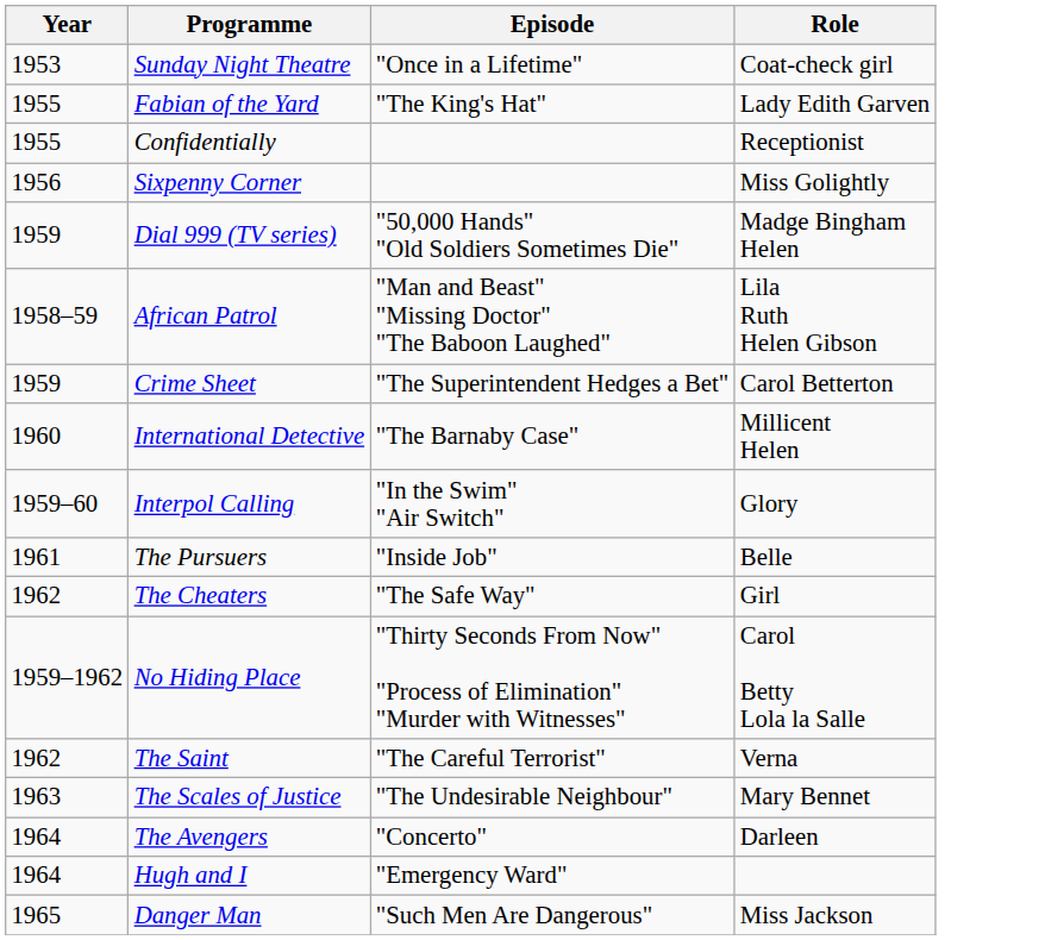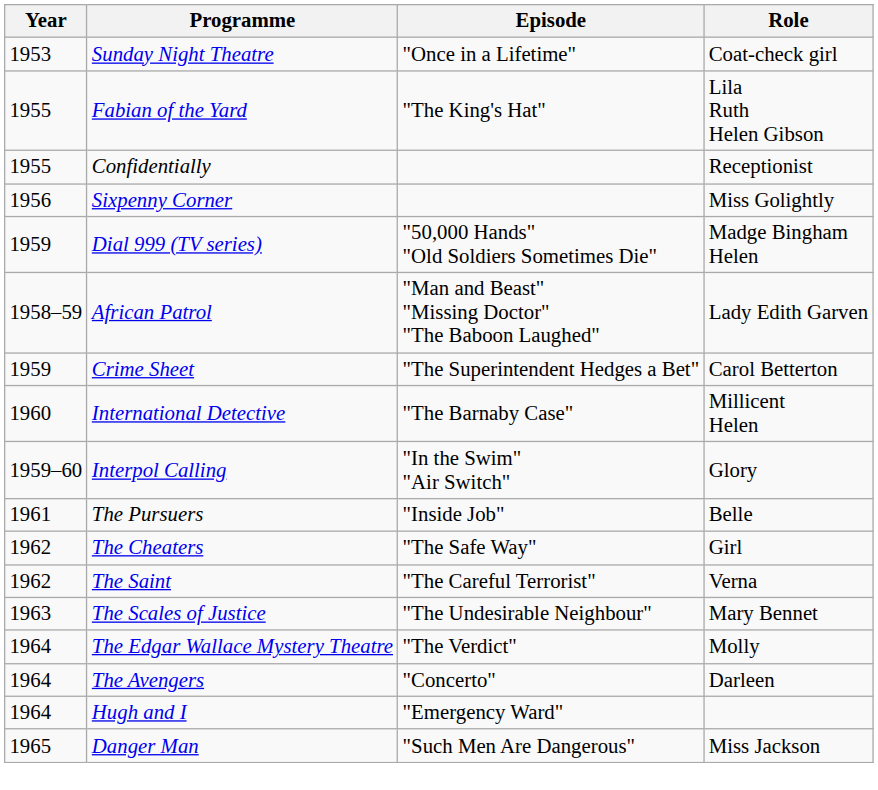 <table class="wikitable">
 <tr>
 <th>Year</th>
 <th>Programme</th>
 <th>Episode</th>
 <th>Role</th>
 </tr>
 <tr>
 <td>1953</td>
 <td><em><a href='#'>Sunday Night Theatre</a></em></td>
 <td>"Once in a Lifetime"</td>
 <td>Coat-check girl</td>
 </tr>
 <tr>
 <td>1955</td>
 <td><em><a href='#'>Fabian of the Yard</a></em></td>
 <td>"The King's Hat"</td>
-<td>Lady Edith Garven</td>
+<td>Lila<br>Ruth<br> Helen Gibson</td>
 </tr>
 <tr>
 <td>1955</td>
 <td><em>Confidentially</em></td>
 <td></td>
 <td>Receptionist</td>
 </tr>
 <tr>
 <td>1956</td>
 <td><em><a href='#'>Sixpenny Corner</a></em></td>
 <td></td>
 <td>Miss Golightly</td>
 </tr>
 <tr>
 <td>1959</td>
 <td><em><a href='#'>Dial 999 (TV series)</a></em></td>
 <td>"50,000 Hands"<br>"Old Soldiers Sometimes Die"</td>
 <td>Madge Bingham<br>Helen</td>
 </tr>
 <tr>
 <td>1958–59</td>
 <td><em><a href='#'>African Patrol</a></em></td>
 <td>"Man and Beast"<br>"Missing Doctor"<br> "The Baboon Laughed"</td>
-<td>Lila<br>Ruth<br> Helen Gibson</td>
+<td>Lady Edith Garven</td>
 </tr>
 <tr>
 <td>1959</td>
 <td><em><a href='#'>Crime Sheet</a></em></td>
 <td>"The Superintendent Hedges a Bet"</td>
 <td>Carol Betterton</td>
 </tr>
 <tr>
 <td>1960</td>
 <td><em><a href='#'>International Detective</a></em></td>
 <td>"The Barnaby Case"</td>
 <td>Millicent<br>Helen</td>
 </tr>
 <tr>
 <td>1959–60</td>
 <td><em><a href='#'>Interpol Calling</a></em></td>
 <td>"In the Swim"<br>"Air Switch"</td>
 <td>Glory</td>
 </tr>
 <tr>
 <td>1961</td>
 <td><em>The Pursuers</em></td>
 <td>"Inside Job"</td>
 <td>Belle</td>
 </tr>
 <tr>
 <td>1962</td>
 <td><em><a href='#'>The Cheaters</a></em></td>
 <td>"The Safe Way"</td>
 <td>Girl</td>
 </tr>
 <tr>
-<td>1959–1962</td>
-<td><em><a href='#'>No Hiding Place</a></em></td>
-<td>"Thirty Seconds From Now"<br><br>"Process of Elimination"<br> "Murder with Witnesses"</td>
-<td>Carol<br><br>Betty<br> Lola la Salle</td>
-</tr>
-<tr>
 <td>1962</td>
 <td><em><a href='#'>The Saint</a></em></td>
 <td>"The Careful Terrorist"</td>
 <td>Verna</td>
 </tr>
 <tr>
 <td>1963</td>
 <td><em><a href='#'>The Scales of Justice</a></em></td>
 <td>"The Undesirable Neighbour"</td>
 <td>Mary Bennet</td>
+</tr>
+<tr>
+<td>1964</td>
+<td><em><a href='#'>The Edgar Wallace Mystery Theatre</a></em></td>
+<td>"The Verdict"</td>
+<td>Molly</td>
 </tr>
 <tr>
 <td>1964</td>
 <td><em><a href='#'>The Avengers</a></em></td>
 <td>"Concerto"</td>
 <td>Darleen</td>
 </tr>
 <tr>
 <td>1964</td>
 <td><em><a href='#'>Hugh and I</a></em></td>
 <td>"Emergency Ward"</td>
 <td></td>
 </tr>
 <tr>
 <td>1965</td>
 <td><em><a href='#'>Danger Man</a></em></td>
 <td>"Such Men Are Dangerous"</td>
 <td>Miss Jackson</td>
 </tr>
 </table>
